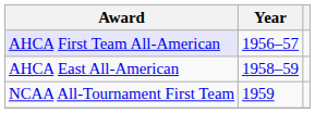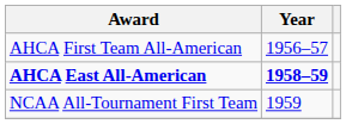 <table class="wikitable">
 <tr>
 <th>Award</th>
 <th>Year</th>
 <th></th>
 </tr>
 <tr>
-<td style="background: lavender;"><a href='#'>AHCA</a> <a href='#'>First Team All-American</a></td>
+<td><a href='#'>AHCA</a> <a href='#'>First Team All-American</a></td>
 <td><a href='#'>1956–57</a></td>
 <td></td>
 </tr>
 <tr>
-<td><a href='#'>AHCA</a> <a href='#'>East All-American</a></td>
-<td><a href='#'>1958–59</a></td>
+<td><strong><a href='#'>AHCA</a> <a href='#'>East All-American</a></strong></td>
+<td><strong><a href='#'>1958–59</a></strong></td>
 <td></td>
 </tr>
 <tr>
 <td><a href='#'>NCAA</a> <a href='#'>All-Tournament First Team</a></td>
 <td><a href='#'>1959</a></td>
 <td></td>
 </tr>
 <tr>
 </tr>
 </table>
